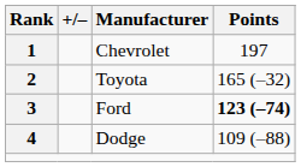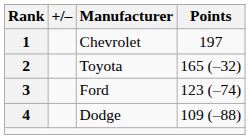 <table class="wikitable">
 <tr>
 </tr>
 <tr>
 <th scope="col">Rank</th>
 <th scope="col">+/–</th>
 <th scope="col">Manufacturer</th>
 <th scope="col">Points</th>
 </tr>
 <tr>
 <th scope="row">1</th>
 <td align="left"></td>
 <td>Chevrolet</td>
 <td style="text-align:center;">197</td>
 </tr>
 <tr>
 <th scope="row">2</th>
 <td align="left"></td>
 <td>Toyota</td>
 <td style="text-align:center;">165 (–32)</td>
 </tr>
 <tr>
 <th scope="row">3</th>
 <td align="left"></td>
 <td>Ford</td>
-<td style="text-align:center;"><strong>123 (–74)</strong></td>
+<td style="text-align:center;">123 (–74)</td>
 </tr>
 <tr>
 <th scope="row">4</th>
 <td align="left"></td>
 <td>Dodge</td>
 <td style="text-align:center;">109 (–88)</td>
 </tr>
 <tr class="sortbottom">
 <td colspan="9"></td>
 </tr>
 </table>
